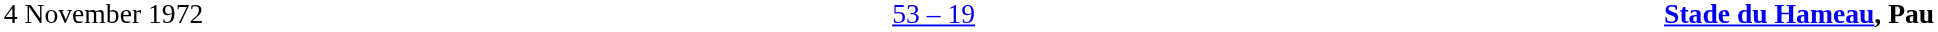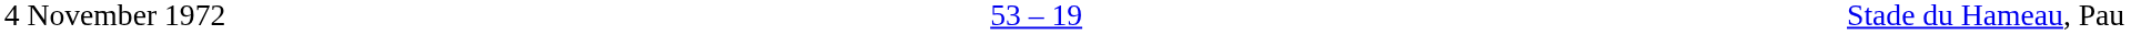 <table style="width:100%;" cellspacing="1">
 <tr>
 <th width=15%></th>
 <th width=25%></th>
 <th width=10%></th>
 <th width=25%></th>
 </tr>
 <tr style=font-size:90%>
 <td align=right>4 November 1972</td>
 <td align=right></td>
 <td align=center><a href='#'>53 – 19</a></td>
 <td></td>
-<td><strong><a href='#'>Stade du Hameau</a>, Pau</strong></td>
+<td><a href='#'>Stade du Hameau</a>, Pau</td>
 </tr>
 </table>
